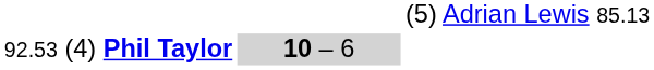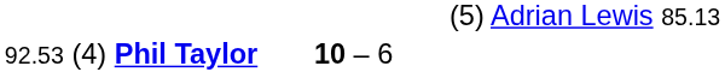 <table style="text-align:center">
 <tr>
 <th width=223></th>
 <th width=100></th>
 <th width=223></th>
 </tr>
 <tr>
 <td align=right></td>
 <td></td>
 <td align=left>(5)  <a href='#'>Adrian Lewis</a> <small>85.13</small></td>
 </tr>
 <tr>
 <td align=right><small>92.53</small> (4) <strong><a href='#'>Phil Taylor</a></strong> </td>
-<td style="background: lightgrey;"><strong>10</strong> – 6</td>
+<td><strong>10</strong> – 6</td>
 <td align=left></td>
 </tr>
 </table>
